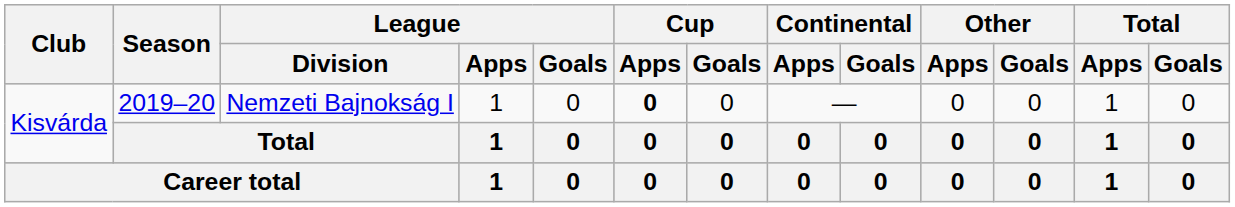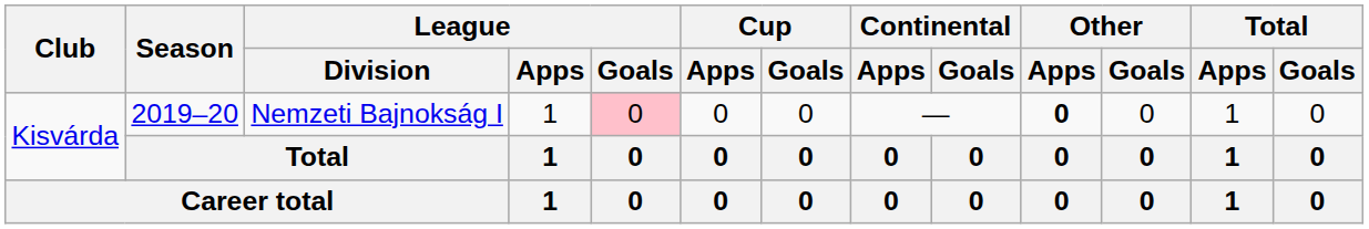 <table class="wikitable" style="text-align:center">
 <tr>
 <th rowspan="2">Club</th>
 <th rowspan="2">Season</th>
 <th colspan="3">League</th>
 <th colspan="2">Cup</th>
 <th colspan="2">Continental</th>
 <th colspan="2">Other</th>
 <th colspan="2">Total</th>
 </tr>
 <tr>
 <th>Division</th>
 <th>Apps</th>
 <th>Goals</th>
 <th>Apps</th>
 <th>Goals</th>
 <th>Apps</th>
 <th>Goals</th>
 <th>Apps</th>
 <th>Goals</th>
 <th>Apps</th>
 <th>Goals</th>
 </tr>
 <tr>
 <td rowspan="2"><a href='#'>Kisvárda</a></td>
 <td><a href='#'>2019–20</a></td>
 <td rowspan="1"><a href='#'>Nemzeti Bajnokság I</a></td>
 <td>1</td>
+<td style="background: pink;">0</td>
 <td>0</td>
-<td><strong>0</strong></td>
 <td>0</td>
 <td colspan="2">—</td>
-<td>0</td>
+<td><strong>0</strong></td>
 <td>0</td>
 <td>1</td>
 <td>0</td>
 </tr>
 <tr>
 <th colspan="2">Total</th>
 <th>1</th>
 <th>0</th>
 <th>0</th>
 <th>0</th>
 <th>0</th>
 <th>0</th>
 <th>0</th>
 <th>0</th>
 <th>1</th>
 <th>0</th>
 </tr>
 <tr>
 <th colspan="3">Career total</th>
 <th>1</th>
 <th>0</th>
 <th>0</th>
 <th>0</th>
 <th>0</th>
 <th>0</th>
 <th>0</th>
 <th>0</th>
 <th>1</th>
 <th>0</th>
 </tr>
 </table>
